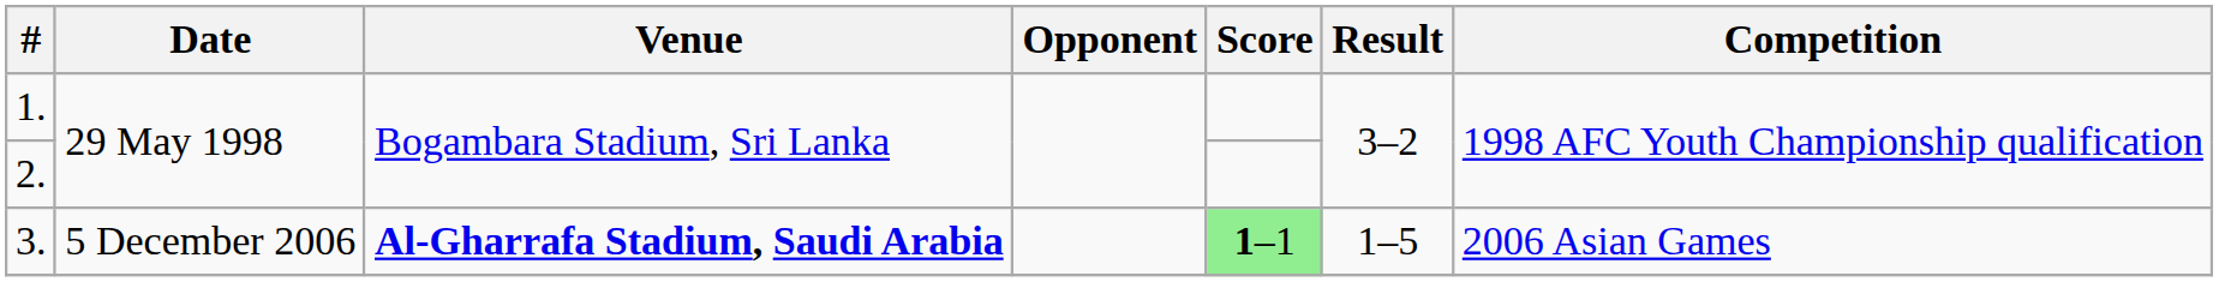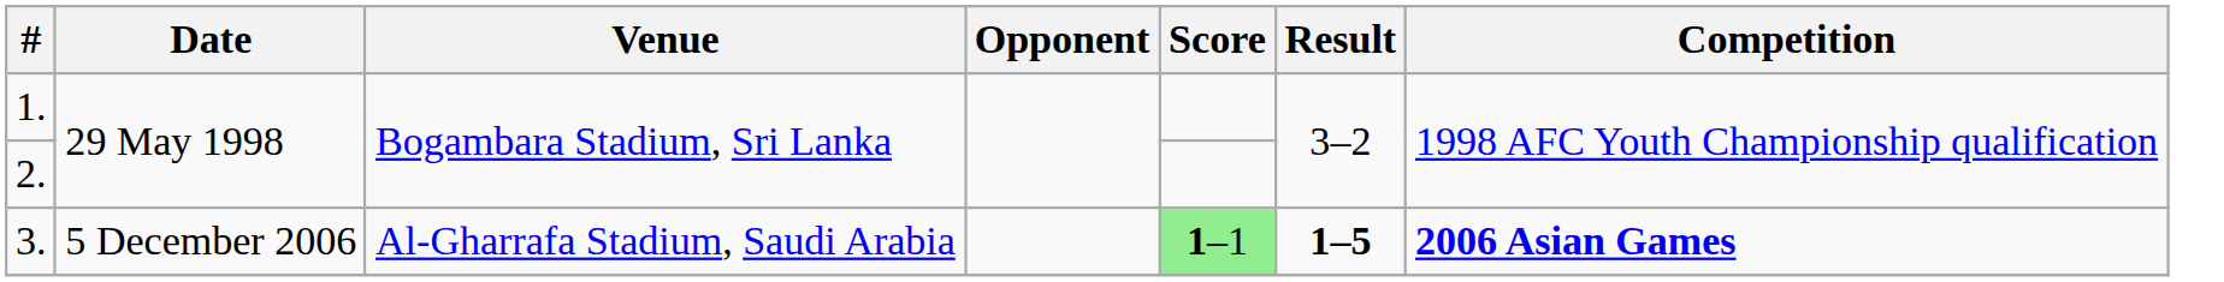 <table class="wikitable" style="font-size:95%">
 <tr>
 <th>#</th>
 <th>Date</th>
 <th>Venue</th>
 <th>Opponent</th>
 <th>Score</th>
 <th>Result</th>
 <th>Competition</th>
 </tr>
 <tr>
 <td>1.</td>
 <td rowspan=2>29 May 1998</td>
 <td rowspan=2><a href='#'>Bogambara Stadium</a>, <a href='#'>Sri Lanka</a></td>
 <td rowspan=2></td>
 <td style="text-align:center;"></td>
 <td rowspan=2 style="text-align:center;">3–2</td>
 <td rowspan=2><a href='#'>1998 AFC Youth Championship qualification</a></td>
 </tr>
 <tr>
 <td>2.</td>
 <td></td>
 </tr>
 <tr>
 <td>3.</td>
 <td>5 December 2006</td>
-<td><strong><a href='#'>Al-Gharrafa Stadium</a>, <a href='#'>Saudi Arabia</a></strong></td>
+<td><a href='#'>Al-Gharrafa Stadium</a>, <a href='#'>Saudi Arabia</a></td>
 <td></td>
 <td style="background: lightgreen; text-align:center;"><strong>1</strong>–1</td>
-<td style="text-align:center;">1–5</td>
-<td><a href='#'>2006 Asian Games</a></td>
+<td style="text-align:center;"><strong>1–5</strong></td>
+<td><strong><a href='#'>2006 Asian Games</a></strong></td>
 </tr>
 <tr>
 </tr>
 </table>
